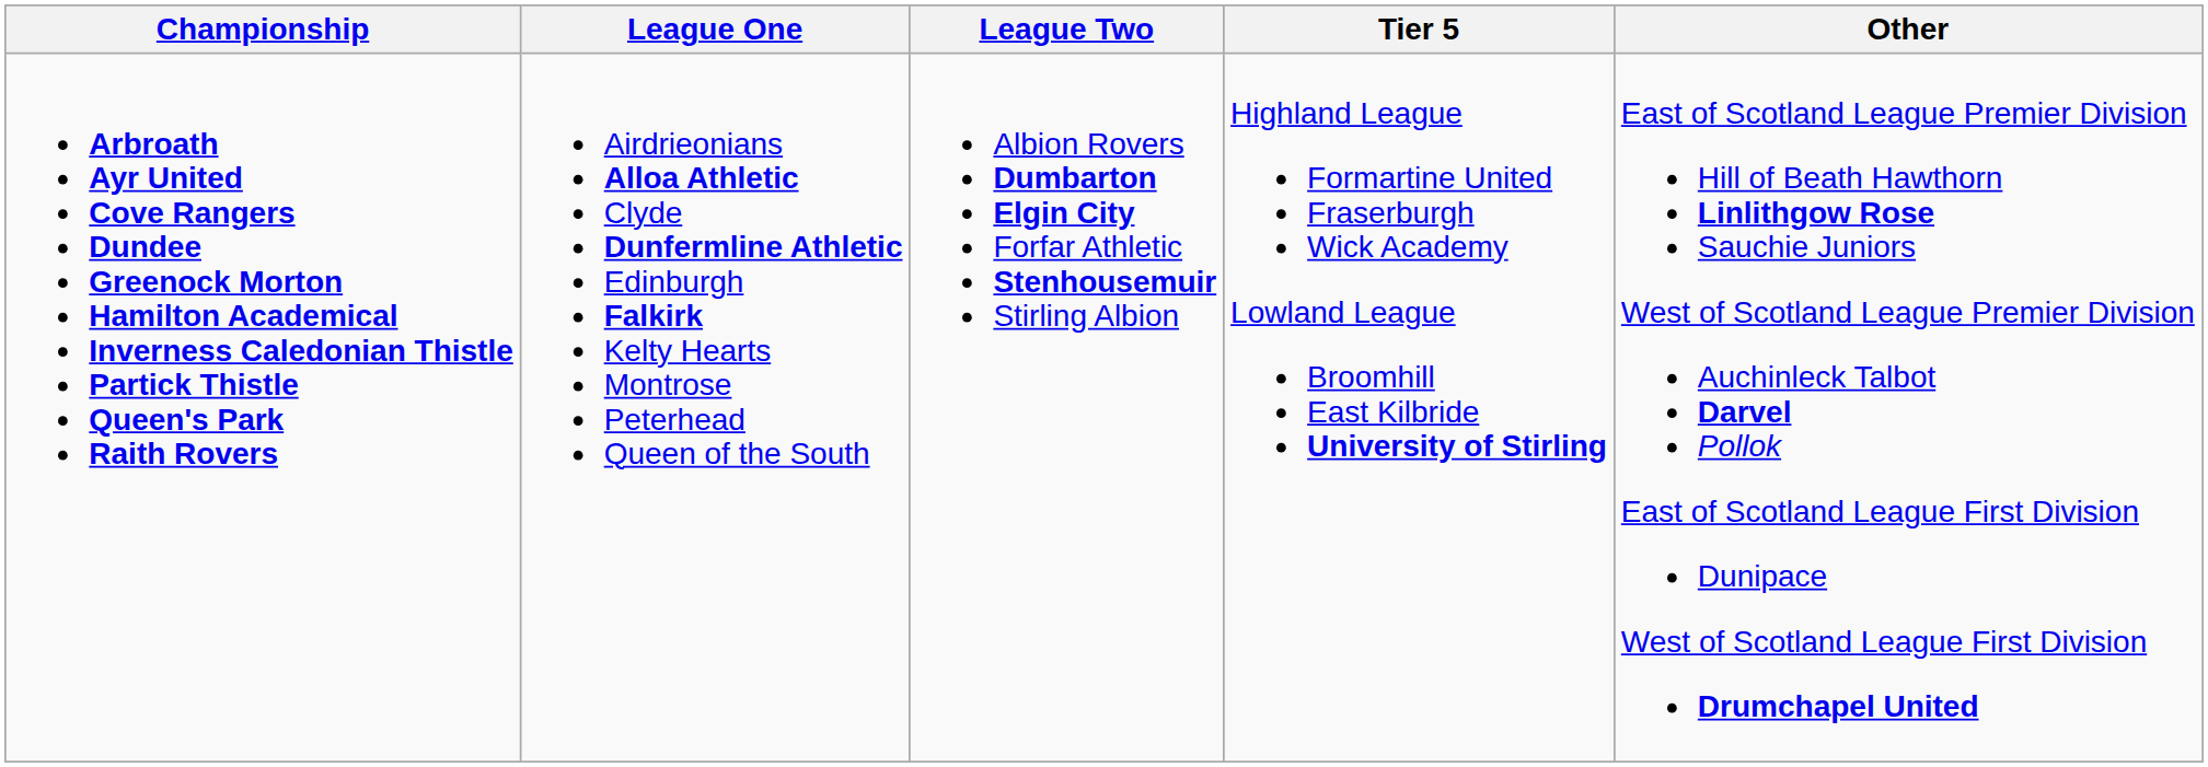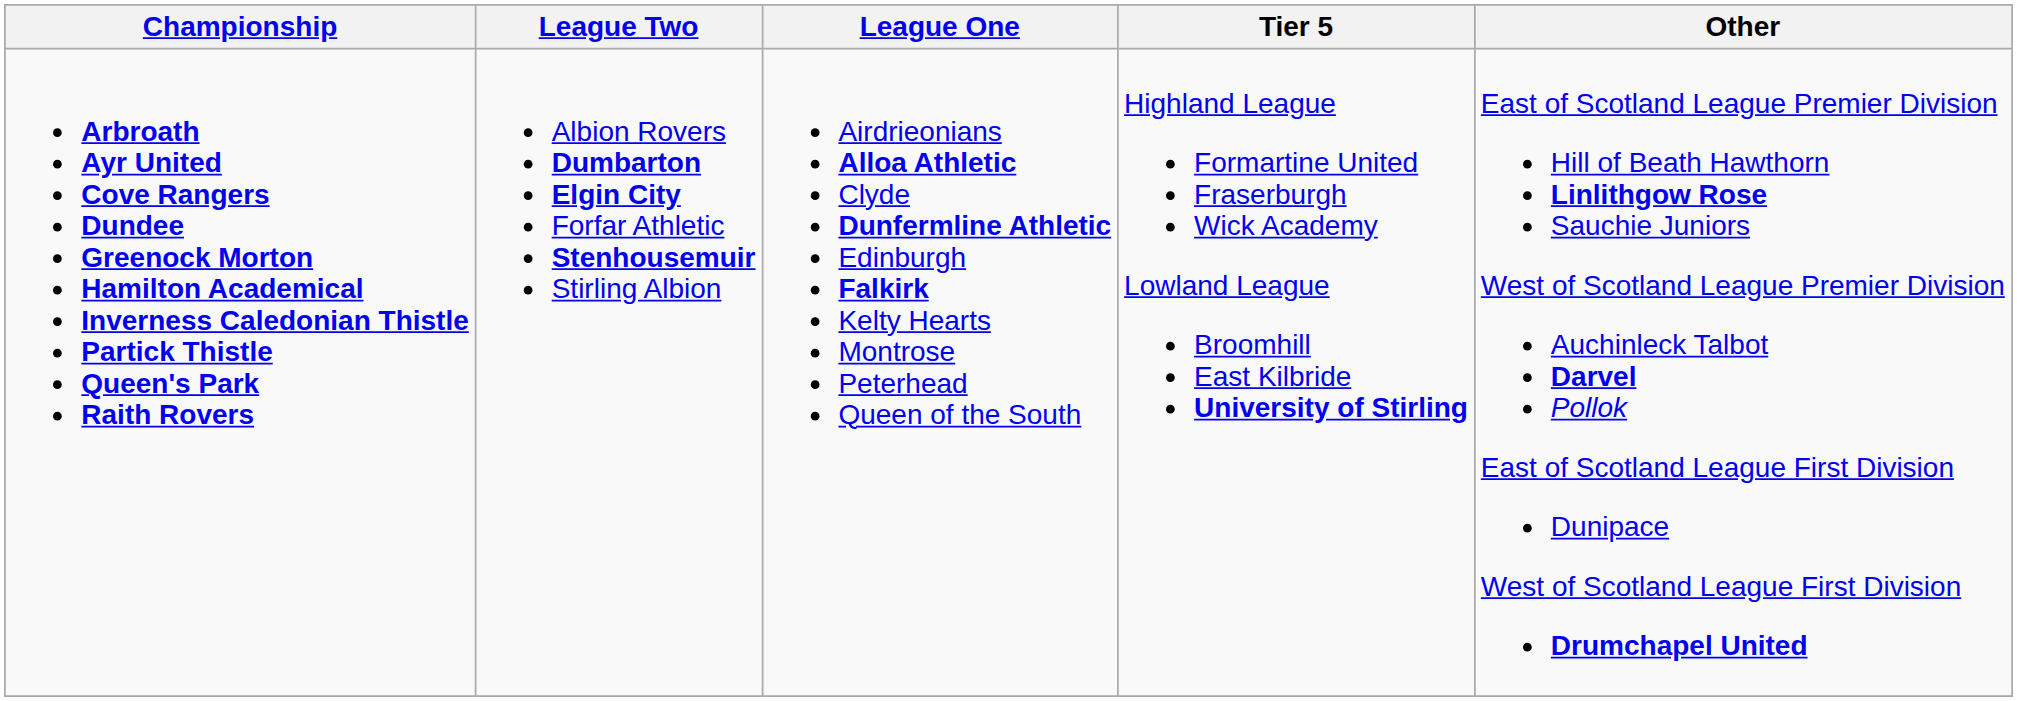 <table class="wikitable">
 <tr>
 <th><a href='#'>Championship</a></th>
+<th><a href='#'>League Two</a></th>
 <th><a href='#'>League One</a></th>
-<th><a href='#'>League Two</a></th>
 <th>Tier 5</th>
 <th>Other</th>
 </tr>
 <tr>
 <td valign="top"><br><ul><li><strong><a href='#'>Arbroath</a></strong></li><li><strong><a href='#'>Ayr United</a></strong></li><li><strong><a href='#'>Cove Rangers</a></strong></li><li><strong><a href='#'>Dundee</a></strong></li><li><strong><a href='#'>Greenock Morton</a></strong></li><li><strong><a href='#'>Hamilton Academical</a></strong></li><li><strong><a href='#'>Inverness Caledonian Thistle</a></strong></li><li><strong><a href='#'>Partick Thistle</a></strong></li><li><strong><a href='#'>Queen's Park</a></strong></li><li><strong><a href='#'>Raith Rovers</a></strong></li></ul></td>
+<td valign="top"><br><ul><li><a href='#'>Albion Rovers</a></li><li><strong><a href='#'>Dumbarton</a></strong></li><li><strong><a href='#'>Elgin City</a></strong></li><li><a href='#'>Forfar Athletic</a></li><li><strong><a href='#'>Stenhousemuir</a></strong></li><li><a href='#'>Stirling Albion</a></li></ul></td>
 <td valign="top"><br><ul><li><a href='#'>Airdrieonians</a></li><li><strong><a href='#'>Alloa Athletic</a></strong></li><li><a href='#'>Clyde</a></li><li><strong><a href='#'>Dunfermline Athletic</a></strong></li><li><a href='#'>Edinburgh</a></li><li><strong><a href='#'>Falkirk</a></strong></li><li><a href='#'>Kelty Hearts</a></li><li><a href='#'>Montrose</a></li><li><a href='#'>Peterhead</a></li><li><a href='#'>Queen of the South</a></li></ul></td>
-<td valign="top"><br><ul><li><a href='#'>Albion Rovers</a></li><li><strong><a href='#'>Dumbarton</a></strong></li><li><strong><a href='#'>Elgin City</a></strong></li><li><a href='#'>Forfar Athletic</a></li><li><strong><a href='#'>Stenhousemuir</a></strong></li><li><a href='#'>Stirling Albion</a></li></ul></td>
 <td valign="top"><br><a href='#'>Highland League</a><ul><li><a href='#'>Formartine United</a></li><li><a href='#'>Fraserburgh</a></li><li><a href='#'>Wick Academy</a></li></ul><a href='#'>Lowland League</a><ul><li><a href='#'>Broomhill</a></li><li><a href='#'>East Kilbride</a></li><li><strong><a href='#'>University of Stirling</a></strong></li></ul></td>
 <td valign="top"><br><a href='#'>East of Scotland League Premier Division</a><ul><li><a href='#'>Hill of Beath Hawthorn</a></li><li><strong><a href='#'>Linlithgow Rose</a></strong></li><li><a href='#'>Sauchie Juniors</a></li></ul><a href='#'>West of Scotland League Premier Division</a><ul><li><a href='#'>Auchinleck Talbot</a></li><li><strong><a href='#'>Darvel</a></strong></li><li><em><a href='#'>Pollok</a></em></li></ul><a href='#'>East of Scotland League First Division</a><ul><li><a href='#'>Dunipace</a></li></ul><a href='#'>West of Scotland League First Division</a><ul><li><strong><a href='#'>Drumchapel United</a></strong></li></ul></td>
 </tr>
 </table>
